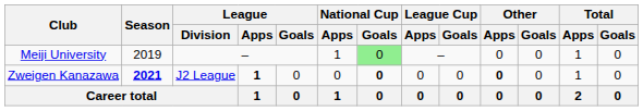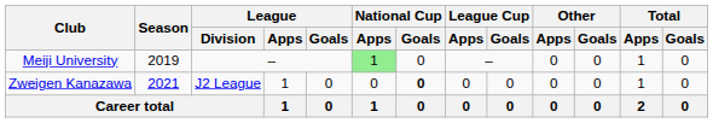 <table class="wikitable" style="text-align: center">
 <tr>
 <th rowspan="2">Club</th>
 <th rowspan="2">Season</th>
 <th colspan="3">League</th>
 <th colspan="2">National Cup</th>
 <th colspan="2">League Cup</th>
 <th colspan="2">Other</th>
 <th colspan="2">Total</th>
 </tr>
 <tr>
 <th>Division</th>
 <th>Apps</th>
 <th>Goals</th>
 <th>Apps</th>
 <th>Goals</th>
 <th>Apps</th>
 <th>Goals</th>
 <th>Apps</th>
 <th>Goals</th>
 <th>Apps</th>
 <th>Goals</th>
 </tr>
 <tr>
 <td><a href='#'>Meiji University</a></td>
 <td>2019</td>
 <td colspan="3">–</td>
-<td>1</td>
-<td style="background: lightgreen;">0</td>
+<td style="background: lightgreen;">1</td>
+<td>0</td>
 <td colspan="2">–</td>
 <td>0</td>
 <td>0</td>
 <td>1</td>
 <td>0</td>
 </tr>
 <tr>
 <td><a href='#'>Zweigen Kanazawa</a></td>
-<td><strong><a href='#'>2021</a></strong></td>
+<td><a href='#'>2021</a></td>
 <td><a href='#'>J2 League</a></td>
-<td><strong>1</strong></td>
+<td>1</td>
 <td>0</td>
 <td>0</td>
 <td><strong>0</strong></td>
 <td>0</td>
 <td>0</td>
-<td><strong>0</strong></td>
+<td>0</td>
 <td>0</td>
 <td>1</td>
 <td>0</td>
 </tr>
 <tr>
 <th colspan=3>Career total</th>
 <th>1</th>
 <th>0</th>
 <th>1</th>
 <th>0</th>
 <th>0</th>
 <th>0</th>
 <th>0</th>
 <th>0</th>
 <th>2</th>
 <th>0</th>
 </tr>
 </table>
